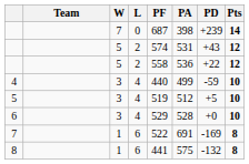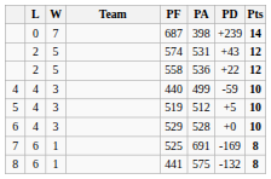 <table class="wikitable" style="text-align:center;">
 <tr>
 <th width=20></th>
+<th width=20>L</th>
+<th width=20>W</th>
 <th width=120>Team</th>
-<th width=20>W</th>
-<th width=20>L</th>
 <th width=30>PF</th>
 <th width=30>PA</th>
 <th width=30>PD</th>
 <th width=20>Pts</th>
 </tr>
 <tr>
 <td align="center"></td>
+<td>0</td>
+<td>7</td>
 <td align="left"></td>
-<td>7</td>
-<td>0</td>
 <td>687</td>
 <td>398</td>
 <td>+239</td>
 <td><strong>14</strong></td>
 </tr>
 <tr>
 <td align="center"></td>
+<td>2</td>
+<td>5</td>
 <td align="left"></td>
-<td>5</td>
-<td>2</td>
 <td>574</td>
 <td>531</td>
 <td>+43</td>
 <td><strong>12</strong></td>
 </tr>
 <tr>
 <td align="center"></td>
+<td>2</td>
+<td>5</td>
 <td align="left"></td>
-<td>5</td>
-<td>2</td>
 <td>558</td>
 <td>536</td>
 <td>+22</td>
 <td><strong>12</strong></td>
 </tr>
 <tr>
 <td align="center">4</td>
+<td>4</td>
+<td>3</td>
 <td align="left"></td>
-<td>3</td>
-<td>4</td>
 <td>440</td>
 <td>499</td>
 <td>-59</td>
 <td><strong>10</strong></td>
 </tr>
 <tr>
 <td align="center">5</td>
+<td>4</td>
+<td>3</td>
 <td align="left"></td>
-<td>3</td>
-<td>4</td>
 <td>519</td>
 <td>512</td>
 <td>+5</td>
 <td><strong>10</strong></td>
 </tr>
 <tr>
 <td align="center">6</td>
+<td>4</td>
+<td>3</td>
 <td align="left"></td>
-<td>3</td>
-<td>4</td>
 <td>529</td>
 <td>528</td>
 <td>+0</td>
 <td><strong>10</strong></td>
 </tr>
 <tr>
 <td align="center">7</td>
+<td>6</td>
+<td>1</td>
 <td align="left"></td>
-<td>1</td>
-<td>6</td>
-<td>522</td>
+<td>525</td>
 <td>691</td>
 <td>-169</td>
 <td><strong>8</strong></td>
 </tr>
 <tr>
 <td align="center">8</td>
+<td>6</td>
+<td>1</td>
 <td align="left"></td>
-<td>1</td>
-<td>6</td>
 <td>441</td>
 <td>575</td>
 <td>-132</td>
 <td><strong>8</strong></td>
 </tr>
 </table>
